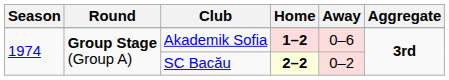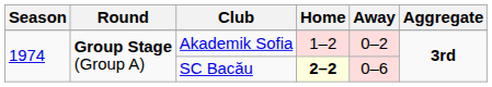 <table class="wikitable">
 <tr>
 <th>Season</th>
 <th>Round</th>
 <th>Club</th>
 <th>Home</th>
 <th>Away</th>
 <th>Aggregate</th>
 </tr>
 <tr>
 </tr>
 <tr>
 <td rowspan="2"><a href='#'>1974</a></td>
 <td rowspan=2><strong>Group Stage</strong><br>(Group A)</td>
 <td> <a href='#'>Akademik Sofia</a></td>
-<td style="text-align:center; background:#fdd;"><strong>1–2</strong></td>
-<td style="text-align:center; background:#fdd;">0–6</td>
+<td style="text-align:center; background:#fdd;">1–2</td>
+<td style="text-align:center; background:#fdd;">0–2</td>
 <td style="text-align:center;" rowspan=3><strong>3rd</strong></td>
 </tr>
 <tr>
 <td> <a href='#'>SC Bacău</a></td>
 <td style="text-align:center; background:#ffd;"><strong>2–2</strong></td>
-<td style="text-align:center; background:#fdd;">0–2</td>
+<td style="text-align:center; background:#fdd;">0–6</td>
 </tr>
 </table>
